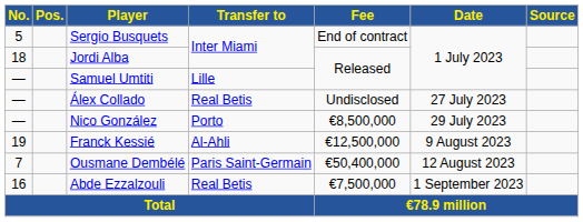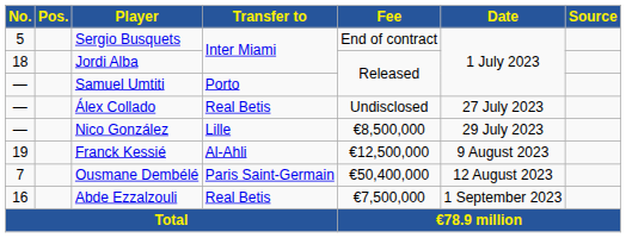 <table class="wikitable" style="text-align:center">
 <tr>
 <th style="background:#26559B;color:#FFF000;">No.</th>
 <th style="background:#26559B;color:#FFF000;">Pos.</th>
 <th style="background:#26559B;color:#FFF000;">Player</th>
 <th style="background:#26559B;color:#FFF000;">Transfer to</th>
 <th style="background:#26559B;color:#FFF000;">Fee</th>
 <th style="background:#26559B;color:#FFF000;">Date</th>
 <th style="background:#26559B;color:#FFF000;">Source</th>
 </tr>
 <tr>
 <td>5</td>
 <td></td>
 <td style="text-align:left"> <a href='#'>Sergio Busquets</a></td>
 <td rowspan=2 style="text-align:left"> <a href='#'>Inter Miami</a></td>
 <td>End of contract</td>
 <td rowspan=3;>1 July 2023</td>
 <td></td>
 </tr>
 <tr>
 <td>18</td>
 <td></td>
 <td style="text-align:left"> <a href='#'>Jordi Alba</a></td>
 <td rowspan=2>Released</td>
 <td></td>
 </tr>
 <tr>
 <td>—</td>
 <td></td>
 <td style="text-align:left"> <a href='#'>Samuel Umtiti</a></td>
-<td style="text-align:left"> <a href='#'>Lille</a></td>
+<td style="text-align:left"> <a href='#'>Porto</a></td>
 <td></td>
 </tr>
 <tr>
 <td>—</td>
 <td></td>
 <td style="text-align:left"> <a href='#'>Álex Collado</a></td>
 <td style="text-align:left"><a href='#'>Real Betis</a></td>
 <td>Undisclosed</td>
 <td>27 July 2023</td>
 <td></td>
 </tr>
 <tr>
 <td>—</td>
 <td></td>
 <td style="text-align:left"> <a href='#'>Nico González</a></td>
-<td style="text-align:left"> <a href='#'>Porto</a></td>
+<td style="text-align:left"> <a href='#'>Lille</a></td>
 <td>€8,500,000</td>
 <td>29 July 2023</td>
 <td></td>
 </tr>
 <tr>
 <td>19</td>
 <td></td>
 <td style="text-align:left"> <a href='#'>Franck Kessié</a></td>
 <td style="text-align:left"> <a href='#'>Al-Ahli</a></td>
 <td>€12,500,000</td>
 <td>9 August 2023</td>
 <td></td>
 </tr>
 <tr>
 <td>7</td>
 <td></td>
 <td style="text-align:left"> <a href='#'>Ousmane Dembélé</a></td>
 <td style="text-align:left"> <a href='#'>Paris Saint-Germain</a></td>
 <td>€50,400,000</td>
 <td>12 August 2023</td>
 <td></td>
 </tr>
 <tr>
 <td>16</td>
 <td></td>
 <td style="text-align:left"> <a href='#'>Abde Ezzalzouli</a></td>
 <td style="text-align:left"><a href='#'>Real Betis</a></td>
 <td>€7,500,000</td>
 <td>1 September 2023</td>
 <td></td>
 </tr>
 <tr>
 <th colspan="4" style="background:#26559B;color:#FFF000;">Total</th>
 <th colspan="3" style="background:#26559B;color:#FFF000;">€78.9 million</th>
 </tr>
 </table>
